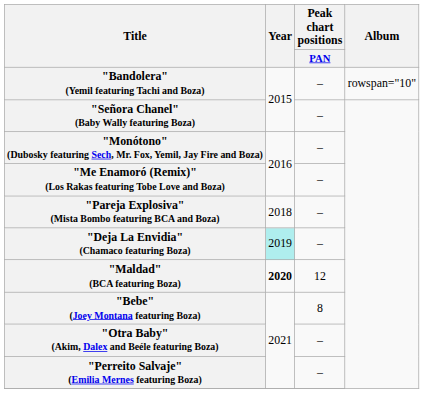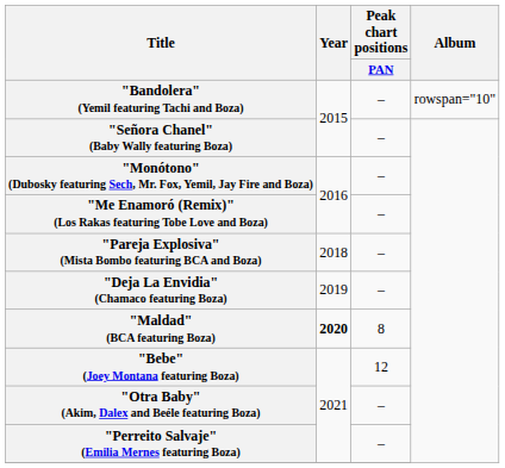 <table class="wikitable plainrowheaders" style="text-align:center">
 <tr>
 <th rowspan="2">Title</th>
 <th rowspan="2">Year</th>
 <th colspan="1">Peak chart positions</th>
 <th rowspan="2">Album</th>
 </tr>
 <tr>
 <th scope="col" style="width:3em;font-size:90%;"><a href='#'>PAN</a><br></th>
 </tr>
 <tr>
 <th scope="row">"Bandolera"<br><small>(Yemil featuring Tachi and Boza)</small></th>
 <td rowspan="2">2015</td>
 <td>–</td>
 <td>rowspan="10" </td>
 </tr>
 <tr>
 <th scope="row">"Señora Chanel"<br><small>(Baby Wally featuring Boza)</small></th>
 <td>–</td>
 </tr>
 <tr>
 <th scope="row">"Monótono"<br><small>(Dubosky featuring <a href='#'>Sech</a>, Mr. Fox, Yemil, Jay Fire and Boza)</small></th>
 <td rowspan="2">2016</td>
 <td>–</td>
 </tr>
 <tr>
 <th scope="row">"Me Enamoró (Remix)"<br><small>(Los Rakas featuring Tobe Love and Boza)</small></th>
 <td>–</td>
 </tr>
 <tr>
 <th scope="row">"Pareja Explosiva"<br><small>(Mista Bombo featuring BCA and Boza)</small></th>
 <td>2018</td>
 <td>–</td>
 </tr>
 <tr>
 <th scope="row">"Deja La Envidia"<br><small>(Chamaco featuring Boza)</small></th>
-<td style="background: paleturquoise;">2019</td>
+<td>2019</td>
 <td>–</td>
 </tr>
 <tr>
 <th scope="row">"Maldad"<br><small>(BCA featuring Boza)</small></th>
 <td><strong>2020</strong></td>
-<td>12</td>
+<td>8</td>
 </tr>
 <tr>
 <th scope="row">"Bebe"<br><small>(<a href='#'>Joey Montana</a> featuring Boza)</small></th>
 <td rowspan="3">2021</td>
-<td>8</td>
+<td>12</td>
 </tr>
 <tr>
 <th scope="row">"Otra Baby"<br><small>(Akim, <a href='#'>Dalex</a> and Beéle featuring Boza)</small></th>
 <td>–</td>
 </tr>
 <tr>
 <th scope="row">"Perreito Salvaje"<br><small>(<a href='#'>Emilia Mernes</a> featuring Boza)</small></th>
 <td>–</td>
 </tr>
 <tr>
 </tr>
 </table>
